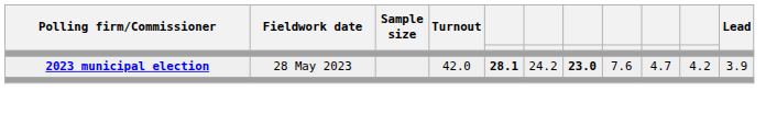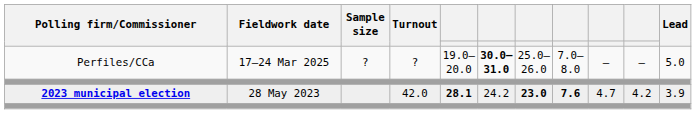 <table class="wikitable collapsible collapsed" style="text-align:center; font-size:95%; line-height:16px;">
 <tr style="height:42px;">
 <th style="width:250px;" rowspan="2">Polling firm/Commissioner</th>
 <th style="width:125px;" rowspan="2">Fieldwork date</th>
 <th style="width:50px;" rowspan="2">Sample size</th>
 <th style="width:45px;" rowspan="2">Turnout</th>
 <th style="width:35px;"></th>
 <th style="width:35px;"></th>
 <th style="width:35px;"></th>
 <th style="width:35px;"></th>
 <th style="width:35px;"></th>
 <th style="width:35px;"></th>
 <th style="width:30px;" rowspan="2">Lead</th>
 </tr>
 <tr>
 <th style="color:inherit;background:"></th>
 <th style="color:inherit;background:"></th>
 <th style="color:inherit;background:"></th>
 <th style="color:inherit;background:"></th>
 <th style="color:inherit;background:"></th>
 <th style="color:inherit;background:"></th>
 </tr>
 <tr>
+<td>Perfiles/CCa</td>
+<td>17–24 Mar 2025</td>
+<td>?</td>
+<td>?</td>
+<td>19.0–<br>20.0<br></td>
+<td><strong>30.0–<br>31.0</strong><br></td>
+<td>25.0–<br>26.0<br></td>
+<td>7.0–<br>8.0<br></td>
+<td>–</td>
+<td>–</td>
+<td style="background:">5.0</td>
+</tr>
+<tr>
 <td colspan="11" style="background:#A0A0A0"></td>
 </tr>
 <tr style="background:#EFEFEF;">
 <td><strong><a href='#'>2023 municipal election</a></strong></td>
 <td>28 May 2023</td>
 <td></td>
 <td>42.0</td>
 <td><strong>28.1</strong><br></td>
 <td>24.2<br></td>
 <td><strong>23.0<br></strong></td>
-<td>7.6<br></td>
+<td><strong>7.6<br></strong></td>
 <td>4.7<br></td>
 <td>4.2<br></td>
 <td style="background:">3.9</td>
 </tr>
 <tr>
 <td colspan="11" style="background:#A0A0A0"></td>
 </tr>
 </table>
